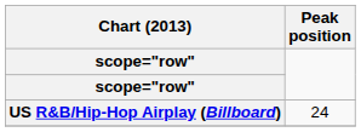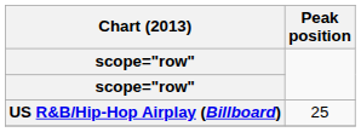 <table class="wikitable plainrowheaders">
 <tr>
 <th scope="col">Chart (2013)</th>
 <th scope="col">Peak<br>position</th>
 </tr>
 <tr>
 <th>scope="row" </th>
 </tr>
 <tr>
 <th>scope="row" </th>
 </tr>
 <tr>
 <th scope="row">US <a href='#'>R&B/Hip-Hop Airplay</a> (<em><a href='#'>Billboard</a></em>)</th>
-<td align="center">24</td>
+<td align="center">25</td>
 </tr>
 <tr>
 </tr>
 </table>
